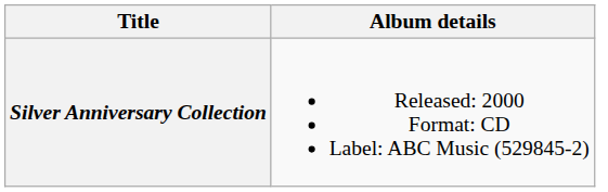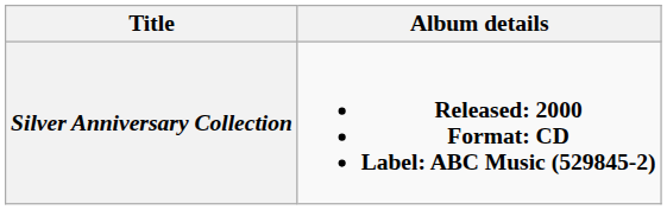 <table class="wikitable plainrowheaders" style="text-align:center;" border="1">
 <tr>
 <th>Title</th>
 <th>Album details</th>
 </tr>
 <tr>
 <th scope="row"><em>Silver Anniversary Collection</em></th>
-<td><br><ul><li>Released: 2000</li><li>Format: CD</li><li>Label: ABC Music  (529845-2)</li></ul></td>
+<td><strong><br><ul><li>Released: 2000</li><li>Format: CD</li><li>Label: ABC Music  (529845-2)</li></ul></strong></td>
 </tr>
 </table>
